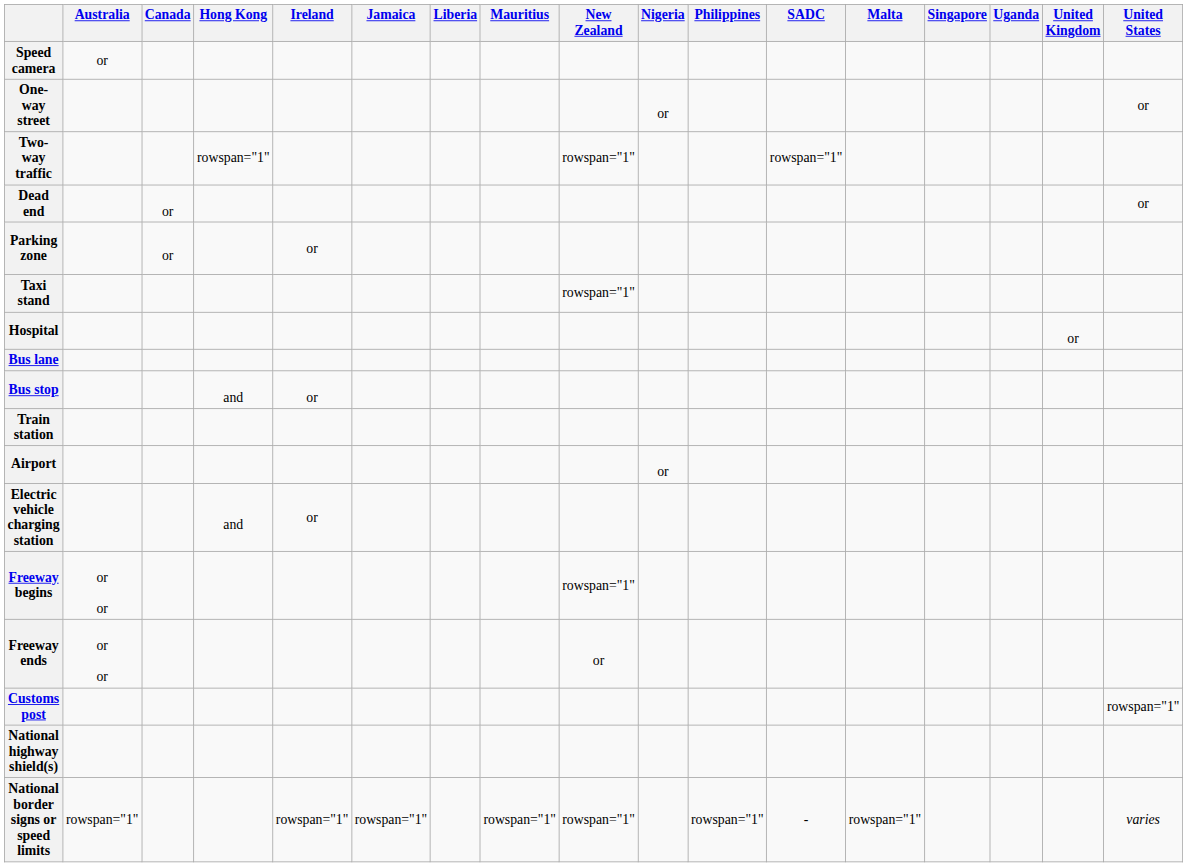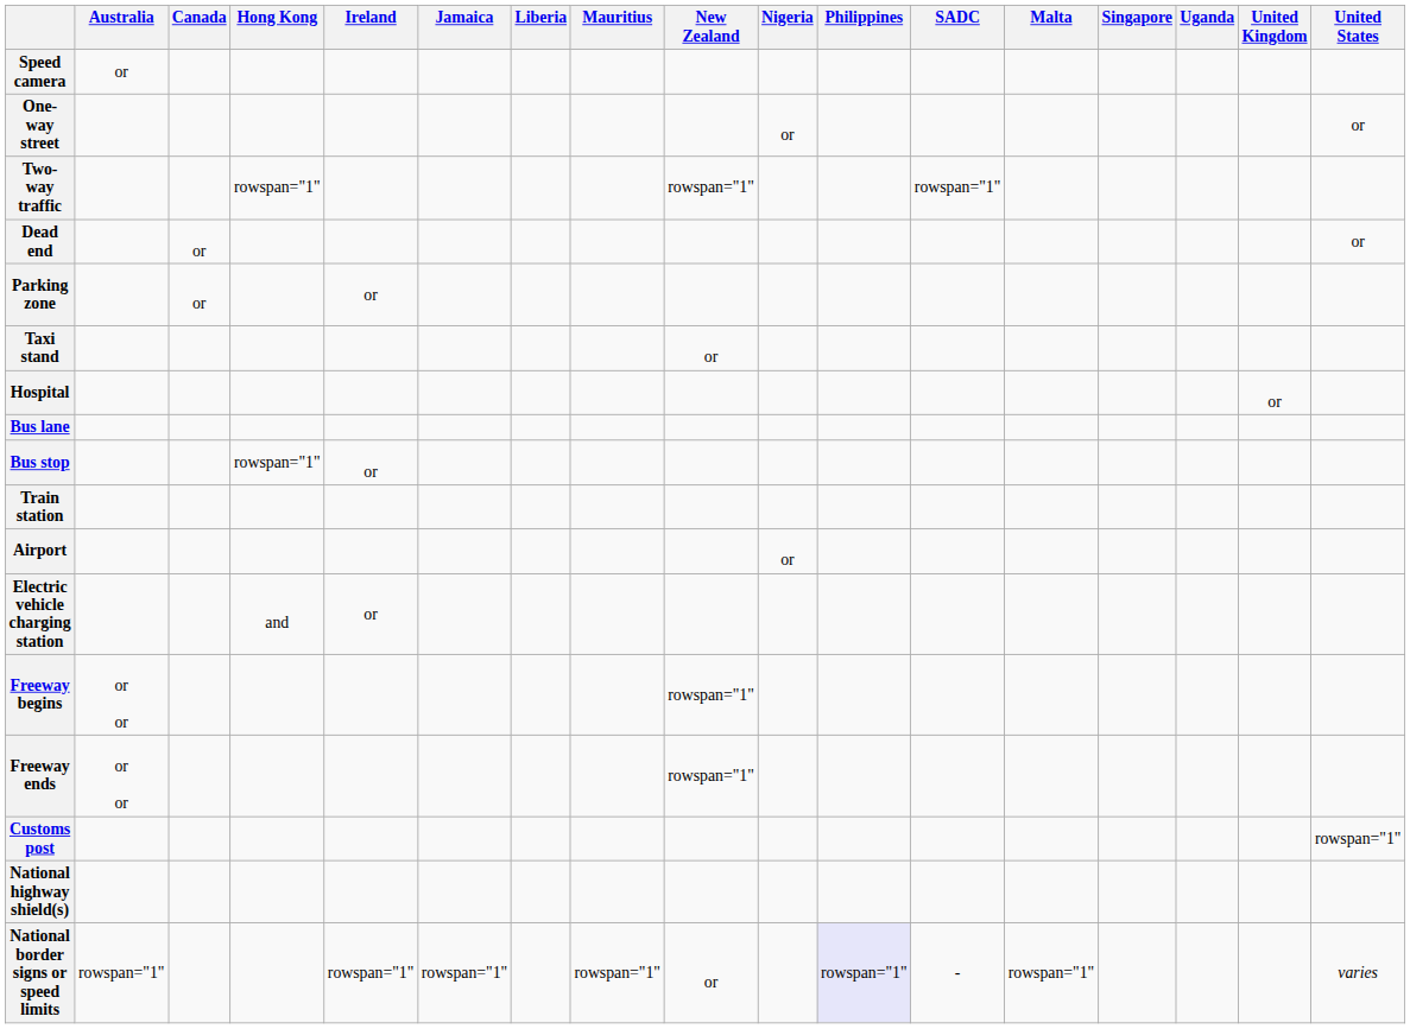 <table class="wikitable" style="text-align: center;">
 <tr>
 <th width="85" style="vertical-align: top;" scope="col"></th>
 <th width="85" style="vertical-align: top;" scope="col"><a href='#'>Australia</a></th>
 <th width="85" style="vertical-align: top;" scope="col"><a href='#'>Canada</a></th>
 <th width="85" style="vertical-align: top;" scope="col"><a href='#'>Hong Kong</a></th>
 <th width="85" style="vertical-align: top;" scope="col"><a href='#'>Ireland</a></th>
 <th width="85" style="vertical-align: top;" scope="col"><a href='#'>Jamaica</a></th>
 <th width="85" style="vertical-align: top;" scope="col"><a href='#'>Liberia</a></th>
 <th width="85" style="vertical-align: top;" scope="col"><a href='#'>Mauritius</a></th>
 <th width="85" style="vertical-align: top;" scope="col"><a href='#'>New Zealand</a></th>
 <th width="85" style="vertical-align: top;" scope="col"><a href='#'>Nigeria</a></th>
 <th width="85" style="vertical-align: top;" scope="col"><a href='#'>Philippines</a></th>
 <th width="85" style="vertical-align: top;" scope="col"><a href='#'>SADC</a></th>
 <th width="85" style="vertical-align: top;" scope="col"><a href='#'>Malta</a></th>
 <th width="85" style="vertical-align: top;" scope="col"><a href='#'>Singapore</a></th>
 <th width="85" style="vertical-align: top;" scope="col"><a href='#'>Uganda</a></th>
 <th width="85" style="vertical-align: top;" scope="col"><a href='#'>United Kingdom</a></th>
 <th width="85" style="vertical-align: top;" scope="col"><a href='#'>United States</a></th>
 </tr>
 <tr>
 <th>Speed<br>camera</th>
 <td> or </td>
 <td></td>
 <td></td>
 <td></td>
 <td></td>
 <td></td>
 <td></td>
 <td></td>
 <td></td>
 <td></td>
 <td></td>
 <td></td>
 <td></td>
 <td></td>
 <td></td>
 <td></td>
 </tr>
 <tr>
 <th>One-way<br>street</th>
 <td></td>
 <td></td>
 <td></td>
 <td></td>
 <td></td>
 <td></td>
 <td></td>
 <td></td>
 <td><br>or<br></td>
 <td></td>
 <td></td>
 <td></td>
 <td></td>
 <td></td>
 <td></td>
 <td> or </td>
 </tr>
 <tr>
 <th>Two-way traffic</th>
 <td></td>
 <td></td>
 <td>rowspan="1" </td>
 <td></td>
 <td></td>
 <td></td>
 <td></td>
 <td>rowspan="1" </td>
 <td></td>
 <td></td>
 <td>rowspan="1" </td>
 <td></td>
 <td></td>
 <td></td>
 <td></td>
 <td><br></td>
 </tr>
 <tr>
 <th>Dead end</th>
 <td></td>
 <td><br>or<br></td>
 <td></td>
 <td></td>
 <td></td>
 <td></td>
 <td></td>
 <td></td>
 <td></td>
 <td></td>
 <td></td>
 <td></td>
 <td></td>
 <td></td>
 <td></td>
 <td> or<br></td>
 </tr>
 <tr>
 <th>Parking zone</th>
 <td></td>
 <td><br>or<br></td>
 <td></td>
 <td><br>or<br><br></td>
 <td></td>
 <td></td>
 <td></td>
 <td></td>
 <td></td>
 <td></td>
 <td></td>
 <td></td>
 <td></td>
 <td></td>
 <td></td>
 <td></td>
 </tr>
 <tr>
 <th>Taxi stand</th>
 <td></td>
 <td></td>
 <td></td>
 <td></td>
 <td></td>
 <td></td>
 <td></td>
-<td>rowspan="1" </td>
+<td><br>or<br></td>
 <td></td>
 <td></td>
 <td></td>
 <td></td>
 <td></td>
 <td></td>
 <td></td>
 <td></td>
 </tr>
 <tr>
 <th>Hospital</th>
 <td></td>
 <td></td>
 <td></td>
 <td></td>
 <td></td>
 <td></td>
 <td></td>
 <td></td>
 <td></td>
 <td></td>
 <td><br></td>
 <td></td>
 <td></td>
 <td></td>
 <td><br>or<br></td>
 <td></td>
 </tr>
 <tr>
 <th><a href='#'>Bus lane</a></th>
 <td></td>
 <td></td>
 <td></td>
 <td></td>
 <td></td>
 <td></td>
 <td></td>
 <td></td>
 <td></td>
 <td></td>
 <td></td>
 <td></td>
 <td></td>
 <td></td>
 <td></td>
 <td></td>
 </tr>
 <tr>
 <th><a href='#'>Bus stop</a></th>
 <td></td>
 <td></td>
-<td><br>and<br></td>
+<td>rowspan="1" </td>
 <td><br>or<br></td>
 <td></td>
 <td></td>
 <td></td>
 <td></td>
 <td></td>
 <td></td>
 <td></td>
 <td></td>
 <td></td>
 <td></td>
 <td></td>
 <td></td>
 </tr>
 <tr>
 <th>Train station</th>
 <td></td>
 <td></td>
 <td></td>
 <td></td>
 <td></td>
 <td></td>
 <td></td>
 <td></td>
 <td></td>
 <td></td>
 <td><br></td>
 <td></td>
 <td></td>
 <td></td>
 <td></td>
 <td></td>
 </tr>
 <tr>
 <th>Airport</th>
 <td></td>
 <td></td>
 <td></td>
 <td></td>
 <td></td>
 <td></td>
 <td></td>
 <td></td>
 <td><br>or<br></td>
 <td></td>
 <td><br></td>
 <td></td>
 <td></td>
 <td></td>
 <td></td>
 <td></td>
 </tr>
 <tr>
 <th>Electric vehicle charging station</th>
 <td></td>
 <td></td>
 <td><br>and<br></td>
 <td><br>or<br><br></td>
 <td></td>
 <td></td>
 <td></td>
 <td></td>
 <td></td>
 <td></td>
 <td></td>
 <td></td>
 <td></td>
 <td></td>
 <td></td>
 <td></td>
 </tr>
 <tr>
 <th><a href='#'>Freeway</a> begins</th>
 <td><br>or<br><br>or<br></td>
 <td></td>
 <td></td>
 <td></td>
 <td></td>
 <td></td>
 <td></td>
 <td>rowspan="1" </td>
 <td></td>
 <td></td>
 <td></td>
 <td></td>
 <td></td>
 <td></td>
 <td></td>
 <td></td>
 </tr>
 <tr>
 <th>Freeway ends</th>
 <td><br>or<br><br>or<br></td>
 <td></td>
 <td></td>
 <td></td>
 <td></td>
 <td></td>
 <td></td>
-<td><br>or<br></td>
+<td>rowspan="1" </td>
 <td></td>
 <td></td>
 <td></td>
 <td></td>
 <td></td>
 <td></td>
 <td></td>
 <td></td>
 </tr>
 <tr>
 <th><a href='#'>Customs<br>post</a></th>
 <td><br></td>
 <td></td>
 <td></td>
 <td><br></td>
 <td></td>
 <td></td>
 <td></td>
 <td></td>
 <td></td>
 <td></td>
 <td><br></td>
 <td></td>
 <td></td>
 <td></td>
 <td></td>
 <td>rowspan="1" </td>
 </tr>
 <tr>
 <th>National<br>highway<br>shield(s)</th>
 <td><br></td>
 <td></td>
 <td></td>
 <td><br><br></td>
 <td><br></td>
 <td></td>
 <td></td>
 <td></td>
 <td></td>
 <td><br><br></td>
 <td><br><br></td>
 <td></td>
 <td></td>
 <td></td>
 <td><br></td>
 <td><br></td>
 </tr>
 <tr>
 <th>National<br>border<br>signs or <br>speed limits</th>
 <td>rowspan="1" </td>
 <td><br></td>
 <td></td>
 <td>rowspan="1" </td>
 <td>rowspan="1" </td>
 <td></td>
 <td>rowspan="1" </td>
-<td>rowspan="1" </td>
+<td><br>or<br></td>
 <td></td>
-<td>rowspan="1" </td>
+<td style="background: lavender;">rowspan="1" </td>
 <td>-</td>
 <td>rowspan="1" </td>
 <td></td>
 <td></td>
 <td></td>
 <td><em>varies</em></td>
 </tr>
 </table>
